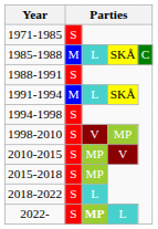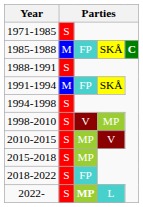 <table class="wikitable" style="text-align:center;">
 <tr>
 <th>Year</th>
 <th colspan="6">Parties</th>
 </tr>
 <tr>
 <td>1971-1985</td>
 <td bgcolor=red  style="color: white">S</td>
 </tr>
 <tr>
 <td>1985-1988</td>
 <td bgcolor=blue style="color: white">M</td>
-<td bgcolor=48D1CC  style="color: white">L</td>
+<td bgcolor=48D1CC  style="color: white">FP</td>
 <td bgcolor="#ffff00" style="color: black">SKÅ</td>
-<td bgcolor=green  style="color: white">C</td>
+<td bgcolor=green  style="color: white"><strong>C</strong></td>
 </tr>
 <tr>
 <td>1988-1991</td>
 <td bgcolor=red style="color: white">S</td>
 </tr>
 <tr>
 <td>1991-1994</td>
 <td bgcolor=blue  style="color: white">M</td>
-<td bgcolor=48D1CC  style="color: white">L</td>
+<td bgcolor=48D1CC  style="color: white">FP</td>
 <td bgcolor="#ffff00"  style="color: black">SKÅ</td>
 </tr>
 <tr>
 <td>1994-1998</td>
 <td bgcolor=red  style="color: white">S</td>
 </tr>
 <tr>
 <td>1998-2010</td>
 <td bgcolor=red  style="color: white">S</td>
 <td bgcolor=8B0000  style="color: white">V</td>
 <td bgcolor=9ACD32 style="color: white">MP</td>
 </tr>
 <tr>
 <td>2010-2015</td>
 <td bgcolor=red  style="color: white">S</td>
 <td bgcolor=9ACD32 style="color: white">MP</td>
 <td bgcolor=8B0000  style="color: white">V</td>
 </tr>
 <tr>
 <td>2015-2018</td>
 <td bgcolor=red  style="color: white">S</td>
 <td bgcolor=9ACD32 style="color: white">MP</td>
 </tr>
 <tr>
 <td>2018-2022</td>
 <td bgcolor=red  style="color: white">S</td>
-<td bgcolor=48D1CC  style="color: white">L</td>
+<td bgcolor=48D1CC  style="color: white">FP</td>
 </tr>
 <tr>
 <td>2022-</td>
 <td bgcolor=red  style="color: white">S</td>
 <td bgcolor=9ACD32 style="color: white"><strong>MP</strong></td>
 <td bgcolor=48D1CC style="color: white">L</td>
 </tr>
 </table>
